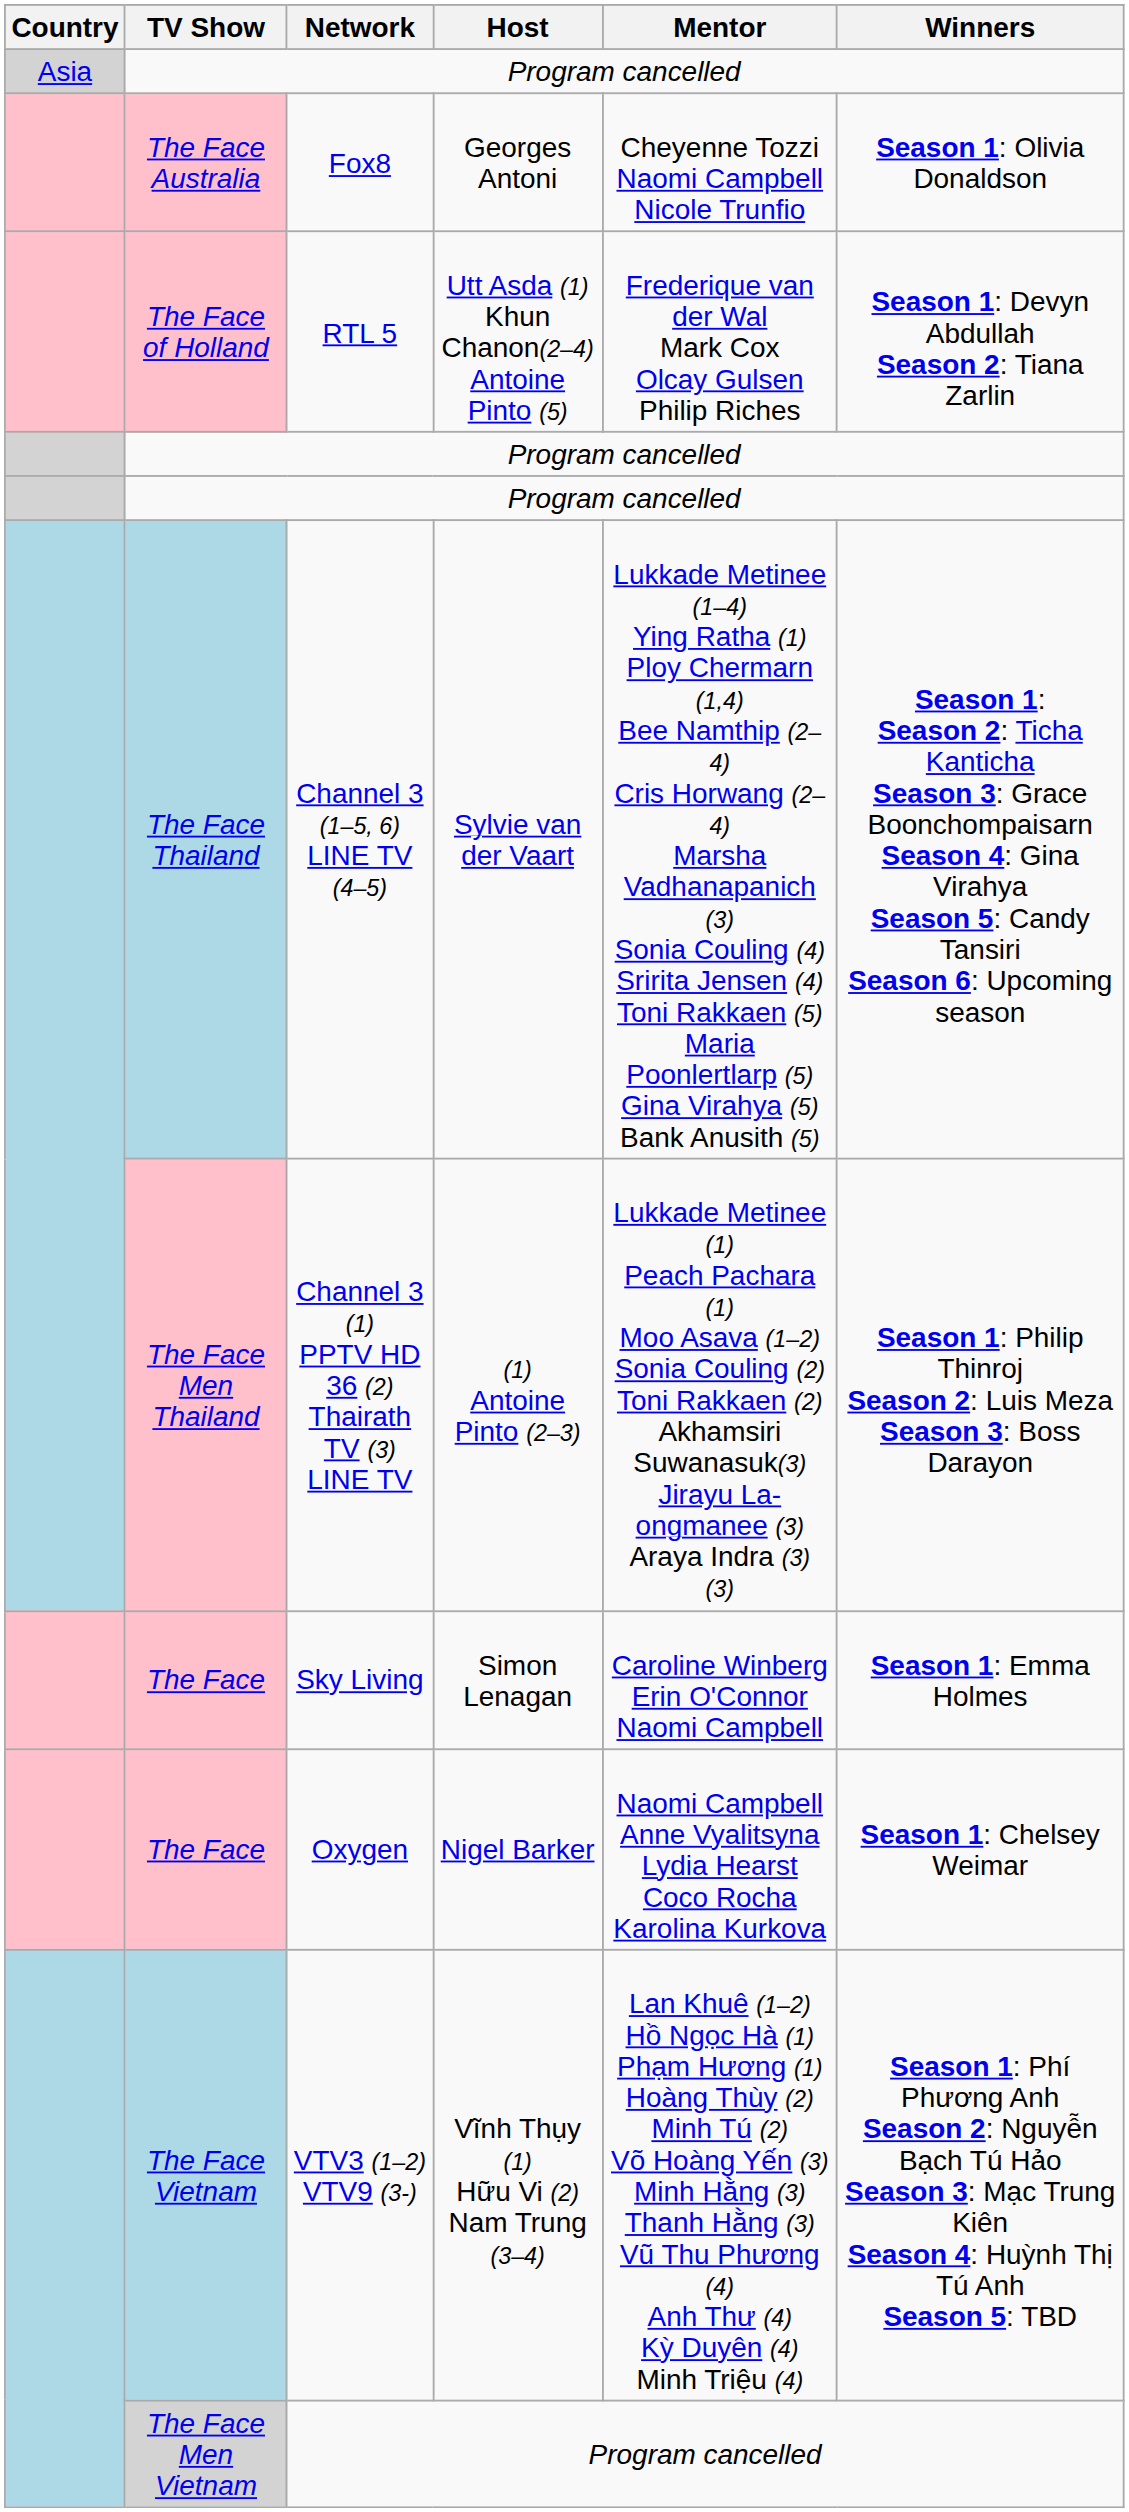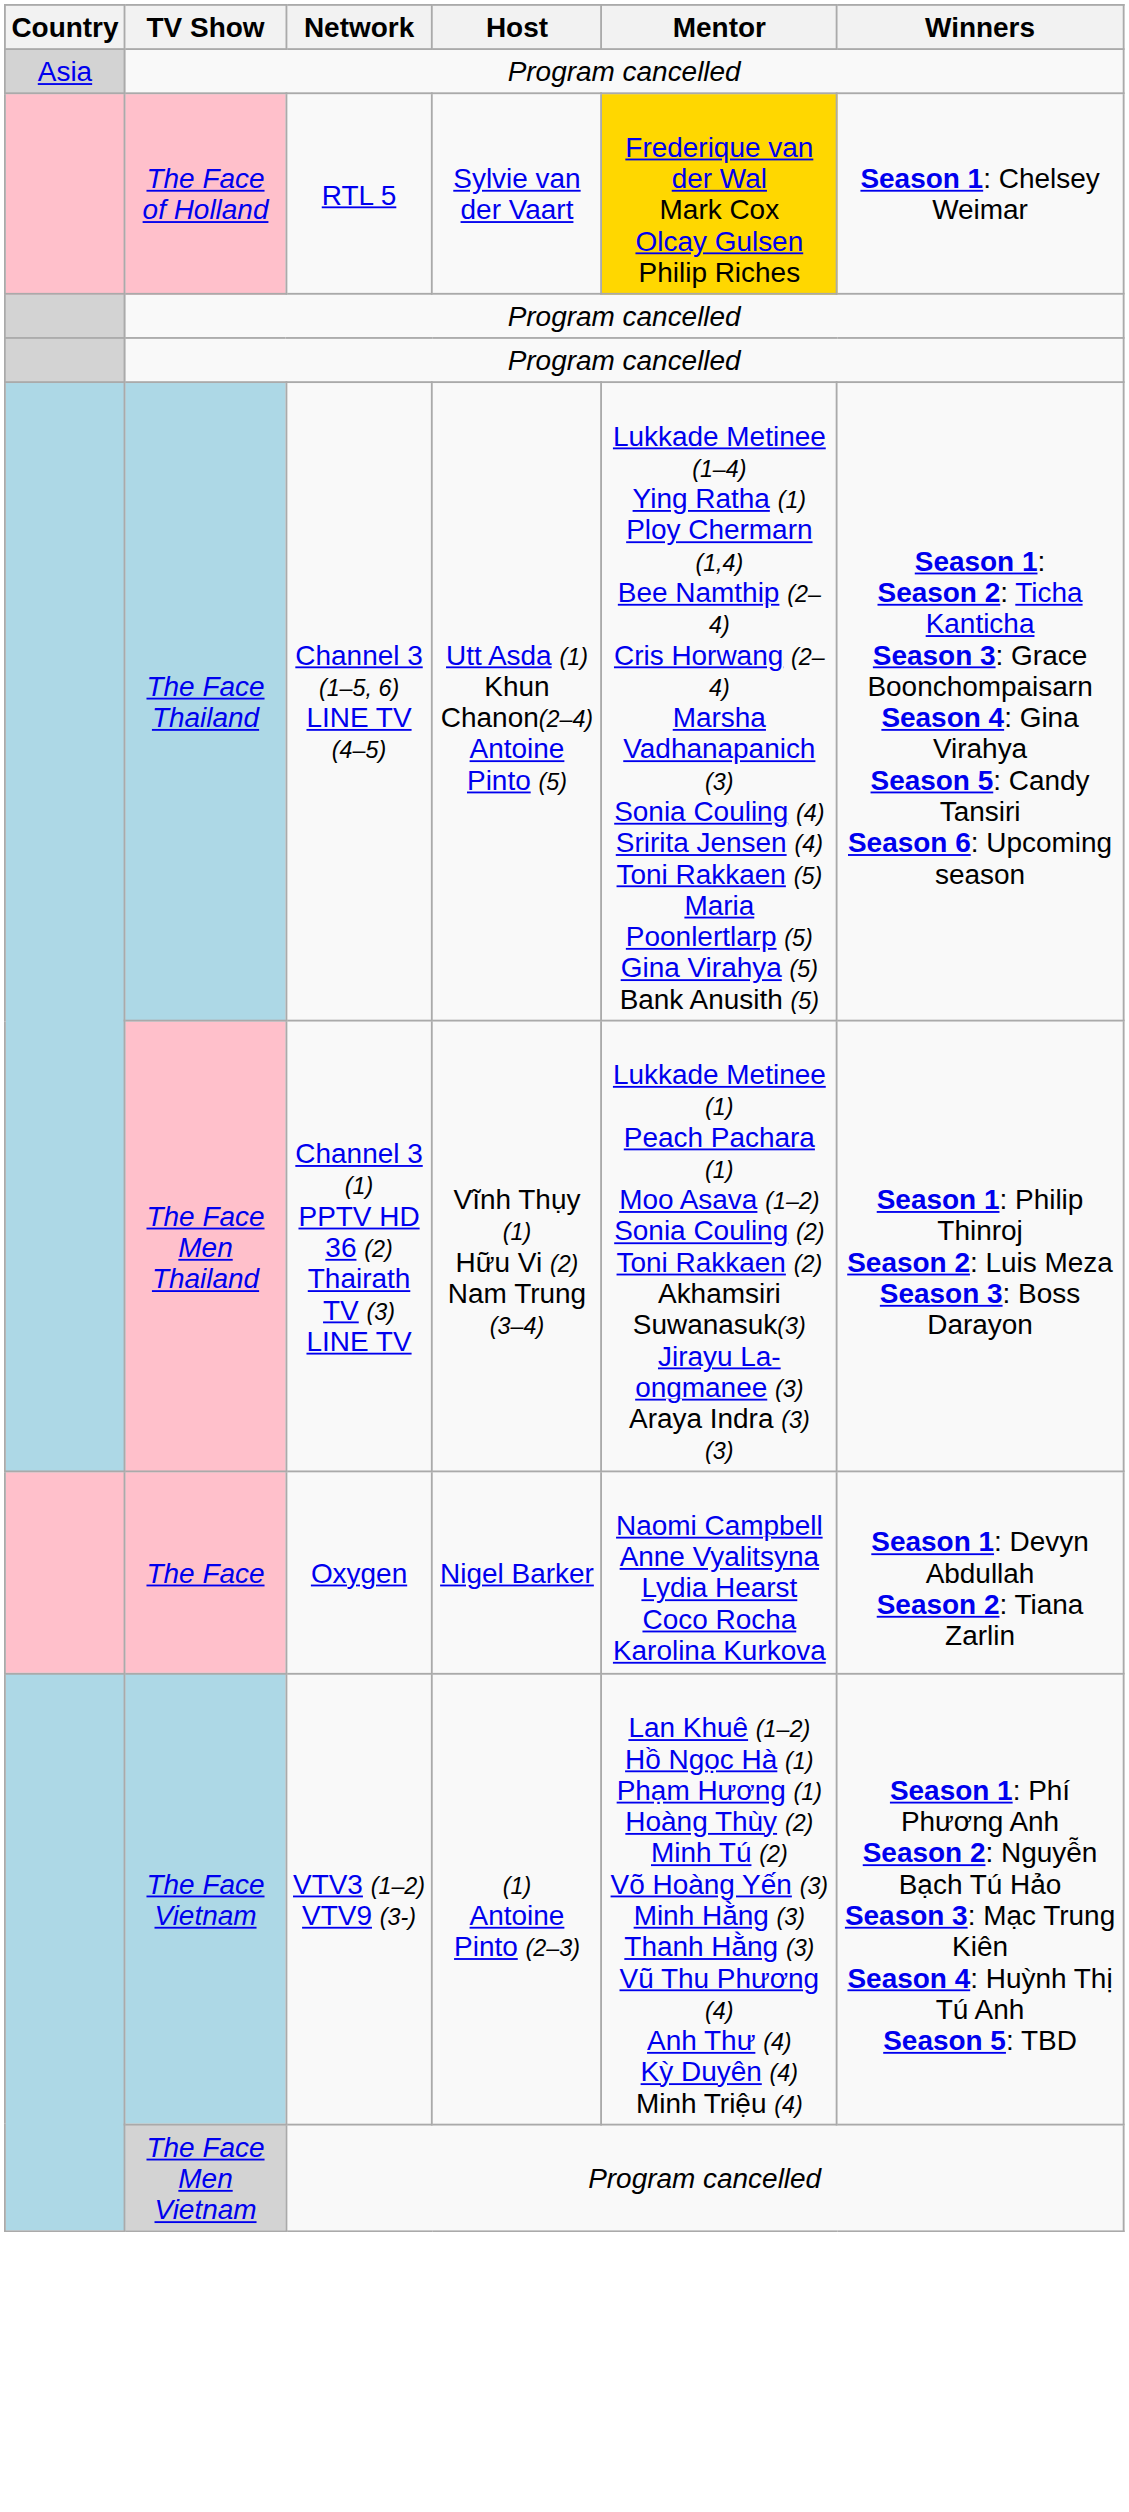 <table class="wikitable" style="font-size: 95%; text-align:center;">
 <tr>
 <th>Country</th>
 <th>TV Show</th>
 <th>Network</th>
 <th>Host</th>
 <th>Mentor</th>
 <th>Winners</th>
 </tr>
 <tr>
 <td style="background:LightGray	;"><a href='#'>Asia</a></td>
 <td colspan=5><em>Program cancelled</em></td>
 </tr>
 <tr>
 <td style="background:#FFC0CB;"></td>
-<td style="background:#FFC0CB;"><em><a href='#'>The Face Australia</a></em></td>
-<td><a href='#'>Fox8</a></td>
-<td>Georges Antoni </td>
-<td><br>Cheyenne Tozzi <br> <a href='#'>Naomi Campbell</a> <br> <a href='#'>Nicole Trunfio</a> <br></td>
-<td><strong><a href='#'>Season 1</a></strong>: Olivia Donaldson</td>
-</tr>
-<tr>
-<td style="background:#FFC0CB;"></td>
 <td style="background:#FFC0CB;"><em><a href='#'>The Face of Holland</a></em></td>
 <td><a href='#'>RTL 5</a></td>
-<td><br><a href='#'>Utt Asda</a> <small><em>(1)</em></small> <br> Khun Chanon<small><em>(2–4)</em></small>  <br> <a href='#'>Antoine Pinto</a> <small><em>(5)</em></small> <br></td>
-<td><br><a href='#'>Frederique van der Wal</a> <br> Mark Cox <br> <a href='#'>Olcay Gulsen</a> <br> Philip Riches <br></td>
-<td><br><strong><a href='#'>Season 1</a></strong>: Devyn Abdullah	<br> <strong><a href='#'>Season 2</a></strong>: Tiana Zarlin</td>
+<td><a href='#'>Sylvie van der Vaart</a> <br></td>
+<td style="background: gold;"><br><a href='#'>Frederique van der Wal</a> <br> Mark Cox <br> <a href='#'>Olcay Gulsen</a> <br> Philip Riches <br></td>
+<td><strong><a href='#'>Season 1</a></strong>: Chelsey Weimar</td>
 </tr>
 <tr>
 <td style="background:LightGray	;"></td>
 <td colspan=5><em>Program cancelled</em></td>
 </tr>
 <tr>
 <td style="background:LightGray	;"></td>
 <td colspan=5><em>Program cancelled</em></td>
 </tr>
 <tr>
 <td style="background:lightblue;" rowspan="2"></td>
 <td style="background:lightblue;"><em><a href='#'>The Face Thailand</a></em></td>
 <td><a href='#'>Channel 3</a> <small><em>(1–5, 6)</em></small> <br><a href='#'>LINE TV</a> <small><em>(4–5)</em></small></td>
-<td><a href='#'>Sylvie van der Vaart</a> <br></td>
+<td><br><a href='#'>Utt Asda</a> <small><em>(1)</em></small> <br> Khun Chanon<small><em>(2–4)</em></small>  <br> <a href='#'>Antoine Pinto</a> <small><em>(5)</em></small> <br></td>
 <td><br><a href='#'>Lukkade Metinee</a> <small><em>(1–4)</em></small> <br> <a href='#'>Ying Ratha</a> <small><em>(1)</em></small> <br> <a href='#'>Ploy Chermarn</a> <small><em>(1,4)</em></small> <br> <a href='#'>Bee Namthip</a> <small><em>(2–4)</em></small> <br> <a href='#'>Cris Horwang</a> <small><em>(2–4)</em></small> <br> <a href='#'>Marsha Vadhanapanich</a> <small><em>(3)</em></small> <br> <a href='#'>Sonia Couling</a> <small><em>(4)</em></small> <br> <a href='#'>Sririta Jensen</a> <small><em>(4)</em></small> <br> <a href='#'>Toni Rakkaen</a> <small><em>(5)</em></small> <br> <a href='#'>Maria Poonlertlarp</a> <small><em>(5)</em></small> <br> <a href='#'>Gina Virahya</a> <small><em>(5)</em></small> <br> Bank Anusith <small><em>(5)</em></small> <br></td>
 <td><br><strong><a href='#'>Season 1</a></strong>: <br> <strong><a href='#'>Season 2</a></strong>: <a href='#'>Ticha Kanticha</a><br> <strong><a href='#'>Season 3</a></strong>: Grace Boonchompaisarn<br> <strong><a href='#'>Season 4</a></strong>: Gina Virahya<br> <strong><a href='#'>Season 5</a></strong>: Candy Tansiri<br> <strong><a href='#'>Season 6</a></strong>: Upcoming season</td>
 </tr>
 <tr>
 <td style="background:#FFC0CB;"><em><a href='#'>The Face Men Thailand</a></em></td>
 <td><a href='#'>Channel 3</a> <small><em>(1)</em></small><br><a href='#'>PPTV HD 36</a> <small><em>(2)</em></small><br> <a href='#'>Thairath TV</a> <small><em>(3)</em></small><br><a href='#'>LINE TV</a></td>
-<td><br> <small><em>(1)</em></small><br> <a href='#'>Antoine Pinto</a> <small><em>(2–3)</em></small><br></td>
+<td><br>Vĩnh Thụy <small><em>(1)</em></small> <br> Hữu Vi <small><em>(2)</em></small>  <br> Nam Trung <small><em>(3–4)</em></small></td>
 <td><br><a href='#'>Lukkade Metinee</a> <small><em>(1)</em></small> <br> <a href='#'>Peach Pachara</a> <small><em>(1)</em></small> <br> <a href='#'>Moo Asava</a> <small><em>(1–2)</em></small> <br> <a href='#'>Sonia Couling</a> <small><em>(2)</em></small> <br> <a href='#'>Toni Rakkaen</a> <small><em>(2)</em></small> <br> Akhamsiri Suwanasuk<small><em>(3)</em></small> <br> <a href='#'>Jirayu La-ongmanee</a> <small><em>(3)</em></small> <br> Araya Indra <small><em>(3)</em></small> <br>  <small><em>(3)</em></small> <br></td>
 <td><br><strong><a href='#'>Season 1</a></strong>: Philip Thinroj<br> <strong><a href='#'>Season 2</a></strong>: Luis Meza<br> <strong><a href='#'>Season 3</a></strong>: Boss Darayon</td>
-</tr>
-<tr>
-<td style="background:#FFC0CB;"></td>
-<td style="background:#FFC0CB;"><em><a href='#'>The Face</a></em></td>
-<td><a href='#'>Sky Living</a></td>
-<td>Simon Lenagan </td>
-<td><br><a href='#'>Caroline Winberg</a> <br> <a href='#'>Erin O'Connor</a> <br> <a href='#'>Naomi Campbell</a> <br></td>
-<td><strong><a href='#'>Season 1</a></strong>: Emma Holmes</td>
 </tr>
 <tr>
 <td style="background:#FFC0CB;"></td>
 <td style="background:#FFC0CB;"><em><a href='#'>The Face</a></em></td>
 <td><a href='#'>Oxygen</a></td>
 <td><a href='#'>Nigel Barker</a> </td>
 <td><br><a href='#'>Naomi Campbell</a> <br> <a href='#'>Anne Vyalitsyna</a> <br> <a href='#'>Lydia Hearst</a> <br> <a href='#'>Coco Rocha</a> <br> <a href='#'>Karolina Kurkova</a> <br></td>
-<td><strong><a href='#'>Season 1</a></strong>: Chelsey Weimar</td>
+<td><br><strong><a href='#'>Season 1</a></strong>: Devyn Abdullah	<br> <strong><a href='#'>Season 2</a></strong>: Tiana Zarlin</td>
 </tr>
 <tr>
 <td rowspan="2" style="background:lightblue;"></td>
 <td style="background:lightblue;"><em><a href='#'>The Face Vietnam</a></em></td>
 <td><a href='#'>VTV3</a> <small><em>(1–2)</em></small><br><a href='#'>VTV9</a> <small><em>(3-)</em></small></td>
-<td><br>Vĩnh Thụy <small><em>(1)</em></small> <br> Hữu Vi <small><em>(2)</em></small>  <br> Nam Trung <small><em>(3–4)</em></small></td>
+<td><br> <small><em>(1)</em></small><br> <a href='#'>Antoine Pinto</a> <small><em>(2–3)</em></small><br></td>
 <td><br><a href='#'>Lan Khuê</a> <small><em>(1–2)</em></small>  <br> <a href='#'>Hồ Ngọc Hà</a> <small><em>(1)</em></small> <br> <a href='#'>Phạm Hương</a> <small><em>(1)</em></small> <br> <a href='#'>Hoàng Thùy</a> <small><em>(2)</em></small>  <br> <a href='#'>Minh Tú</a> <small><em>(2)</em></small><br> <a href='#'>Võ Hoàng Yến</a> <small><em>(3)</em></small> <br> <a href='#'>Minh Hằng</a> <small><em>(3)</em></small> <br> <a href='#'>Thanh Hằng</a> <small><em>(3)</em></small> <br> <a href='#'>Vũ Thu Phương</a> <small><em>(4)</em></small> <br> <a href='#'>Anh Thư</a> <small><em>(4)</em></small> <br> <a href='#'>Kỳ Duyên</a> <small><em>(4)</em></small> <br> Minh Triệu <small><em>(4)</em></small></td>
 <td><br><strong><a href='#'>Season 1</a></strong>: Phí Phương Anh<br> <strong><a href='#'>Season 2</a></strong>: Nguyễn Bạch Tú Hảo<br> <strong><a href='#'>Season 3</a></strong>: Mạc Trung Kiên<br> <strong><a href='#'>Season 4</a></strong>: Huỳnh Thị Tú Anh<br> <strong><a href='#'>Season 5</a></strong>: TBD</td>
 </tr>
 <tr>
 <td style="background:lightGray;"><em><a href='#'>The Face Men Vietnam</a></em></td>
 <td colspan=4><em>Program cancelled</em></td>
 </tr>
 </table>
